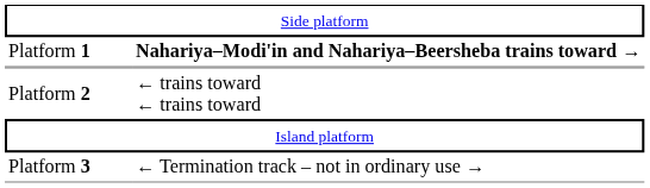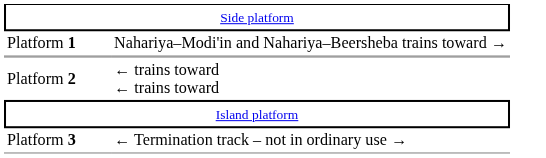 <table border=0 cellspacing=0 cellpadding=3>
 <tr>
 <td style="border-top:solid 1-x black;border-top:solid 1px black;border-right:solid 2px black;border-left:solid 2px black;border-bottom:solid 2px black;text-align:center;" colspan=2><small><a href='#'>Side platform</a></small></td>
 </tr>
 <tr>
 <td style="border-bottom:solid 1px gray;" width=100>Platform <strong>1</strong></td>
-<td style="border-bottom:solid 1px gray;"><strong>   Nahariya–Modi'in and Nahariya–Beersheba trains toward   →</strong></td>
+<td style="border-bottom:solid 1px gray;">   Nahariya–Modi'in and Nahariya–Beersheba trains toward   →</td>
 </tr>
 <tr>
 <td style="border-top:solid 1px gray;">Platform <strong>2</strong></td>
 <td style="border-top:solid 1px gray;">←  trains toward  <br>←  trains toward  </td>
 </tr>
 <tr>
 <td style="border-top:solid 2px black;border-right:solid 2px black;border-left:solid 2px black;border-bottom:solid 2px black;text-align:center;" colspan=2><small><a href='#'>Island platform</a></small></td>
 </tr>
 <tr>
 <td style="border-bottom:solid 1px gray;">Platform <strong>3</strong></td>
 <td style="border-bottom:solid 1px gray;">← Termination track – not in ordinary use →</td>
 </tr>
 </table>
